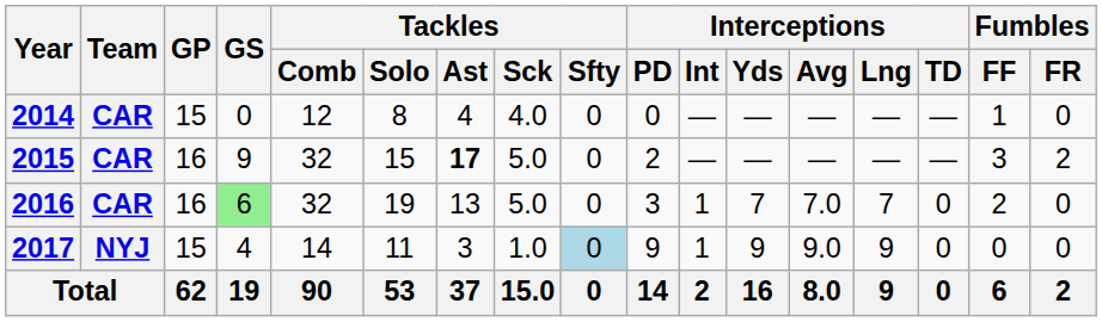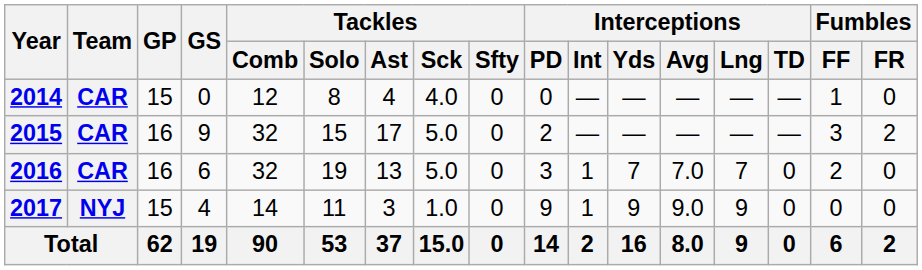 <table class="wikitable" style="text-align: center;">
 <tr>
 <th rowspan="2">Year</th>
 <th rowspan="2">Team</th>
 <th rowspan="2">GP</th>
 <th rowspan="2">GS</th>
 <th colspan="5">Tackles</th>
 <th colspan="6">Interceptions</th>
 <th colspan="2">Fumbles</th>
 </tr>
 <tr>
 <th>Comb</th>
 <th>Solo</th>
 <th>Ast</th>
 <th>Sck</th>
 <th>Sfty</th>
 <th>PD</th>
 <th>Int</th>
 <th>Yds</th>
 <th>Avg</th>
 <th>Lng</th>
 <th>TD</th>
 <th>FF</th>
 <th>FR</th>
 </tr>
 <tr>
 <th><a href='#'>2014</a></th>
 <th><a href='#'>CAR</a></th>
 <td>15</td>
 <td>0</td>
 <td>12</td>
 <td>8</td>
 <td>4</td>
 <td>4.0</td>
 <td>0</td>
 <td>0</td>
 <td>—</td>
 <td>—</td>
 <td>—</td>
 <td>—</td>
 <td>—</td>
 <td>1</td>
 <td>0</td>
 </tr>
 <tr>
 <th><a href='#'>2015</a></th>
 <th><a href='#'>CAR</a></th>
 <td>16</td>
 <td>9</td>
 <td>32</td>
 <td>15</td>
-<td><strong>17</strong></td>
+<td>17</td>
 <td>5.0</td>
 <td>0</td>
 <td>2</td>
 <td>—</td>
 <td>—</td>
 <td>—</td>
 <td>—</td>
 <td>—</td>
 <td>3</td>
 <td>2</td>
 </tr>
 <tr>
 <th><a href='#'>2016</a></th>
 <th><a href='#'>CAR</a></th>
 <td>16</td>
-<td style="background: lightgreen;">6</td>
+<td>6</td>
 <td>32</td>
 <td>19</td>
 <td>13</td>
 <td>5.0</td>
 <td>0</td>
 <td>3</td>
 <td>1</td>
 <td>7</td>
 <td>7.0</td>
 <td>7</td>
 <td>0</td>
 <td>2</td>
 <td>0</td>
 </tr>
 <tr>
 <th><a href='#'>2017</a></th>
 <th><a href='#'>NYJ</a></th>
 <td>15</td>
 <td>4</td>
 <td>14</td>
 <td>11</td>
 <td>3</td>
 <td>1.0</td>
-<td style="background: lightblue;">0</td>
+<td>0</td>
 <td>9</td>
 <td>1</td>
 <td>9</td>
 <td>9.0</td>
 <td>9</td>
 <td>0</td>
 <td>0</td>
 <td>0</td>
 </tr>
 <tr>
 <th colspan="2">Total</th>
 <th>62</th>
 <th>19</th>
 <th>90</th>
 <th>53</th>
 <th>37</th>
 <th>15.0</th>
 <th>0</th>
 <th>14</th>
 <th>2</th>
 <th>16</th>
 <th>8.0</th>
 <th>9</th>
 <th>0</th>
 <th>6</th>
 <th>2</th>
 </tr>
 </table>
